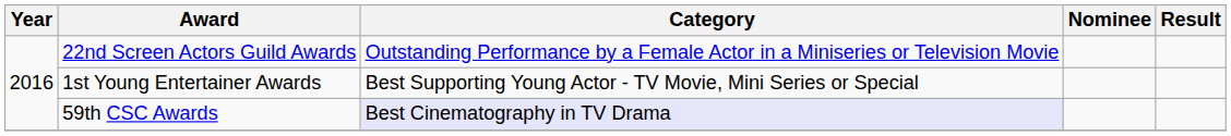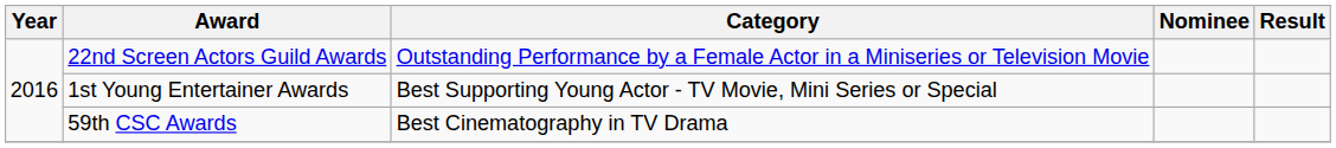 <table class="wikitable sortable">
 <tr>
 <th>Year</th>
 <th>Award</th>
 <th>Category</th>
 <th>Nominee</th>
 <th>Result</th>
 </tr>
 <tr>
 <td rowspan="3">2016</td>
 <td><a href='#'>22nd Screen Actors Guild Awards</a></td>
 <td><a href='#'>Outstanding Performance by a Female Actor in a Miniseries or Television Movie</a></td>
 <td></td>
 <td></td>
 </tr>
 <tr>
 <td>1st Young Entertainer Awards</td>
 <td>Best Supporting Young Actor - TV Movie, Mini Series or Special</td>
 <td></td>
 <td></td>
 </tr>
 <tr>
 <td>59th <a href='#'>CSC Awards</a></td>
-<td style="background: lavender;">Best Cinematography in TV Drama</td>
+<td>Best Cinematography in TV Drama</td>
 <td></td>
 <td></td>
 </tr>
 <tr>
 </tr>
 </table>
